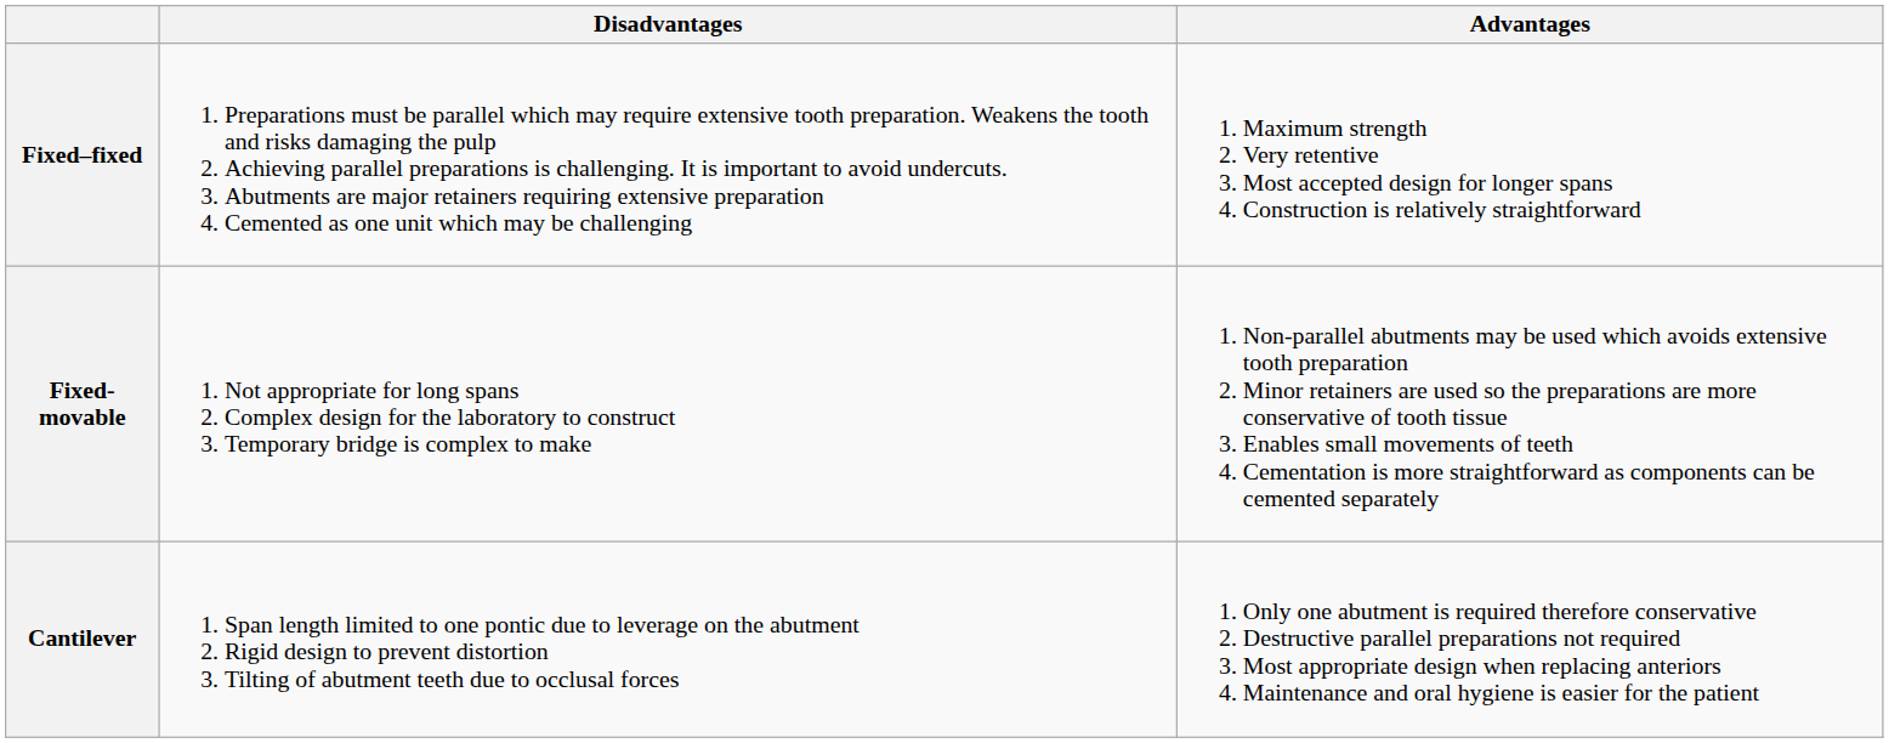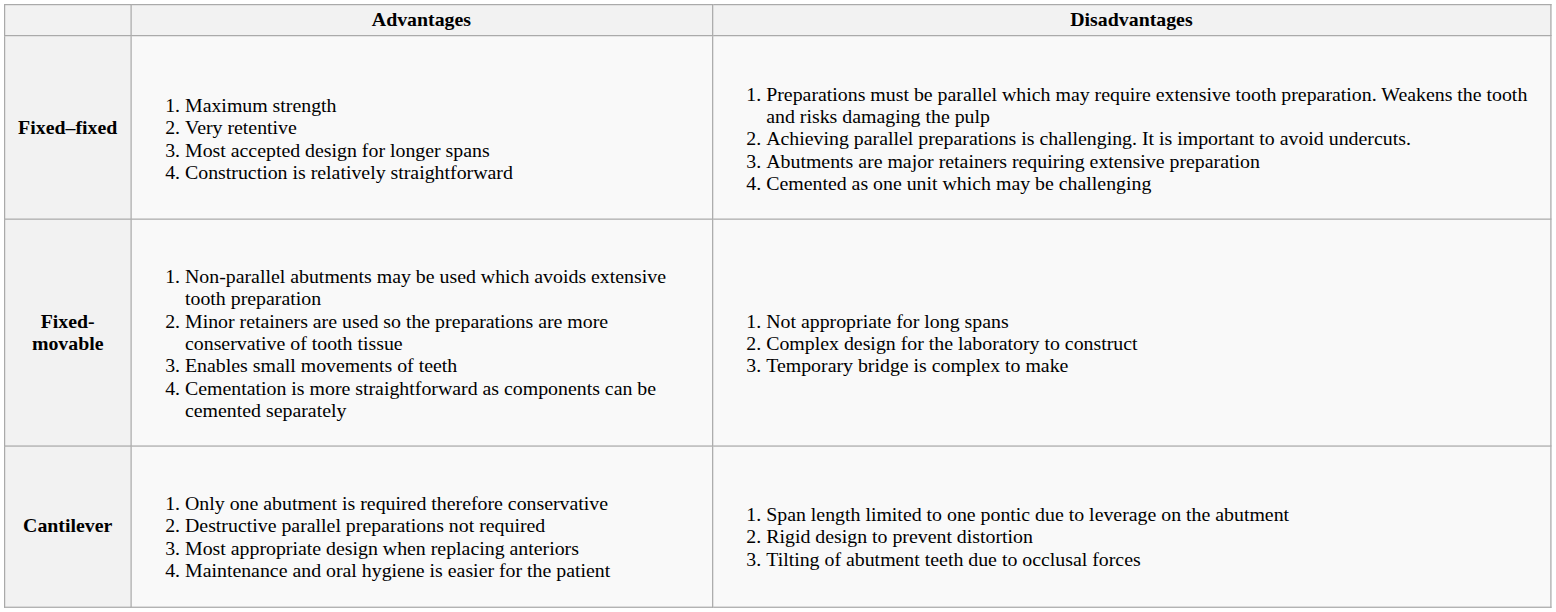 <table class="wikitable">
 <tr>
 <th></th>
+<th>Advantages</th>
 <th>Disadvantages</th>
-<th>Advantages</th>
 </tr>
 <tr>
 <th>Fixed–fixed</th>
+<td><br><ol><li>Maximum strength</li><li>Very retentive</li><li>Most accepted design for longer spans</li><li>Construction is relatively straightforward</li></ol></td>
 <td><br><ol><li>Preparations must be parallel which may require extensive tooth preparation. Weakens the tooth and risks damaging the pulp</li><li>Achieving parallel preparations is challenging. It is important to avoid undercuts.</li><li>Abutments are major retainers requiring extensive preparation</li><li>Cemented as one unit which may be challenging</li></ol></td>
-<td><br><ol><li>Maximum strength</li><li>Very retentive</li><li>Most accepted design for longer spans</li><li>Construction is relatively straightforward</li></ol></td>
 </tr>
 <tr>
 <th>Fixed-movable</th>
+<td><br><ol><li>Non-parallel abutments may be used which avoids extensive tooth preparation</li><li>Minor retainers are used so the preparations are more conservative of tooth tissue</li><li>Enables small movements of teeth</li><li>Cementation is more straightforward as components can be cemented separately</li></ol></td>
 <td><br><ol><li>Not appropriate for long spans</li><li>Complex design for the laboratory to construct</li><li>Temporary bridge is complex to make</li></ol></td>
-<td><br><ol><li>Non-parallel abutments may be used which avoids extensive tooth preparation</li><li>Minor retainers are used so the preparations are more conservative of tooth tissue</li><li>Enables small movements of teeth</li><li>Cementation is more straightforward as components can be cemented separately</li></ol></td>
 </tr>
 <tr>
 <th>Cantilever</th>
+<td><br><ol><li>Only one abutment is required therefore conservative</li><li>Destructive parallel preparations not required</li><li>Most appropriate design when replacing anteriors</li><li>Maintenance and oral hygiene is easier for the patient</li></ol></td>
 <td><br><ol><li>Span length limited to one pontic due to leverage on the abutment</li><li>Rigid design to prevent distortion</li><li>Tilting of abutment teeth due to occlusal forces</li></ol></td>
-<td><br><ol><li>Only one abutment is required therefore conservative</li><li>Destructive parallel preparations not required</li><li>Most appropriate design when replacing anteriors</li><li>Maintenance and oral hygiene is easier for the patient</li></ol></td>
 </tr>
 </table>
